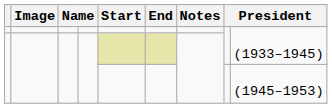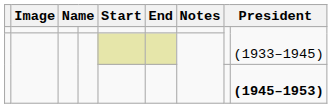 <table class="wikitable sortable">
 <tr>
 <th></th>
 <th class=unsortable>Image</th>
 <th colspan=2>Name</th>
 <th>Start</th>
 <th>End</th>
 <th>Notes</th>
 <th colspan=2>President</th>
 </tr>
 <tr>
 <td></td>
 <td></td>
 <td style="background: "></td>
 <td></td>
 <td></td>
 <td></td>
 <td></td>
 <td rowspan=2 style="background: "></td>
 <td rowspan=2><br>(1933–1945)</td>
 </tr>
 <tr>
 <td rowspan=2></td>
 <td rowspan=2></td>
 <td rowspan=2 style="background: "></td>
 <td rowspan=2></td>
 <td style="background-color:#E6E6AA;"></td>
 <td style="background-color:#E6E6AA;"></td>
 <td rowspan=2></td>
 </tr>
 <tr>
 <td></td>
 <td></td>
 <td style="background: "></td>
-<td><br>(1945–1953)</td>
+<td><strong><br>(1945–1953)</strong></td>
 </tr>
 </table>
